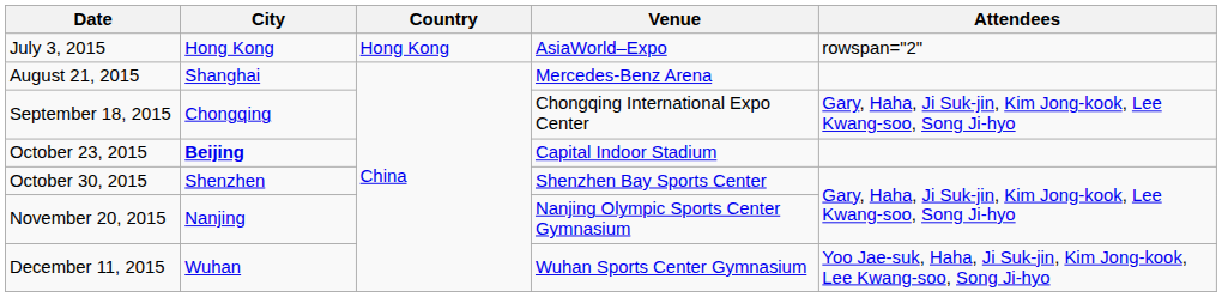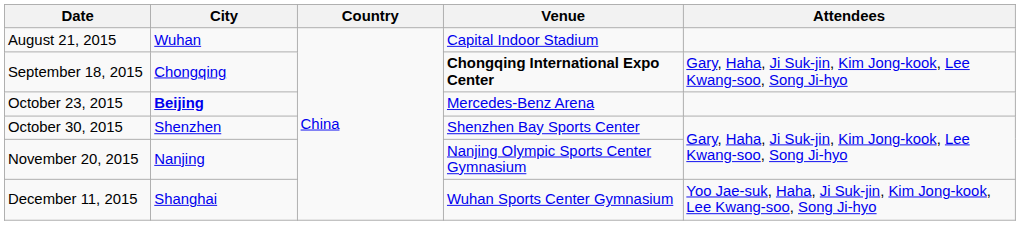 <table class="wikitable">
 <tr>
 <th style="width:150px;">Date</th>
 <th style="width:150px;">City</th>
 <th style="width:150px;">Country</th>
 <th style="width:250px;">Venue</th>
 <th style="width:350px;">Attendees</th>
 </tr>
 <tr>
-<td>July 3, 2015</td>
-<td><a href='#'>Hong Kong</a></td>
-<td><a href='#'>Hong Kong</a></td>
-<td><a href='#'>AsiaWorld–Expo</a></td>
-<td>rowspan="2" </td>
-</tr>
-<tr>
 <td>August 21, 2015</td>
-<td><a href='#'>Shanghai</a></td>
+<td><a href='#'>Wuhan</a></td>
 <td rowspan="6"><a href='#'>China</a></td>
-<td><a href='#'>Mercedes-Benz Arena</a></td>
+<td><a href='#'>Capital Indoor Stadium</a></td>
 </tr>
 <tr>
 <td>September 18, 2015</td>
 <td><a href='#'>Chongqing</a></td>
-<td>Chongqing International Expo Center</td>
+<td><strong>Chongqing International Expo Center</strong></td>
 <td><a href='#'>Gary</a>, <a href='#'>Haha</a>, <a href='#'>Ji Suk-jin</a>, <a href='#'>Kim Jong-kook</a>, <a href='#'>Lee Kwang-soo</a>, <a href='#'>Song Ji-hyo</a></td>
 </tr>
 <tr>
 <td>October 23, 2015</td>
 <td><strong><a href='#'>Beijing</a></strong></td>
-<td><a href='#'>Capital Indoor Stadium</a></td>
+<td><a href='#'>Mercedes-Benz Arena</a></td>
 <td></td>
 </tr>
 <tr>
 <td>October 30, 2015</td>
 <td><a href='#'>Shenzhen</a></td>
 <td><a href='#'>Shenzhen Bay Sports Center</a></td>
 <td rowspan="2"><a href='#'>Gary</a>, <a href='#'>Haha</a>, <a href='#'>Ji Suk-jin</a>, <a href='#'>Kim Jong-kook</a>, <a href='#'>Lee Kwang-soo</a>, <a href='#'>Song Ji-hyo</a></td>
 </tr>
 <tr>
 <td>November 20, 2015</td>
 <td><a href='#'>Nanjing</a></td>
 <td><a href='#'>Nanjing Olympic Sports Center Gymnasium</a></td>
 </tr>
 <tr>
 <td>December 11, 2015</td>
-<td><a href='#'>Wuhan</a></td>
+<td><a href='#'>Shanghai</a></td>
 <td><a href='#'>Wuhan Sports Center Gymnasium</a></td>
 <td><a href='#'>Yoo Jae-suk</a>, <a href='#'>Haha</a>, <a href='#'>Ji Suk-jin</a>, <a href='#'>Kim Jong-kook</a>, <a href='#'>Lee Kwang-soo</a>, <a href='#'>Song Ji-hyo</a></td>
 </tr>
 </table>
